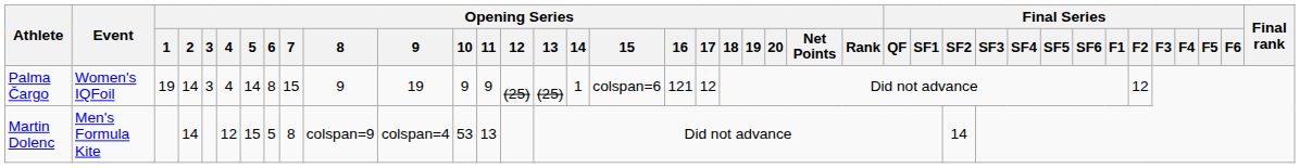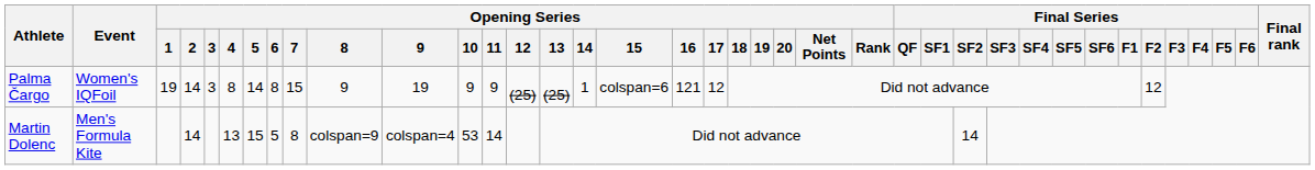 <table class="wikitable" style="font-size:90%">
 <tr>
 <th rowspan="2">Athlete</th>
 <th rowspan="2">Event</th>
 <th colspan=22>Opening Series</th>
 <th colspan=13>Final Series</th>
 <th rowspan=2>Final rank</th>
 </tr>
 <tr style="font-size:95%">
 <th>1</th>
 <th>2</th>
 <th>3</th>
 <th>4</th>
 <th>5</th>
 <th>6</th>
 <th>7</th>
 <th>8</th>
 <th>9</th>
 <th>10</th>
 <th>11</th>
 <th>12</th>
 <th>13</th>
 <th>14</th>
 <th>15</th>
 <th>16</th>
 <th>17</th>
 <th>18</th>
 <th>19</th>
 <th>20</th>
 <th>Net Points</th>
 <th>Rank</th>
 <th>QF</th>
 <th>SF1</th>
 <th>SF2</th>
 <th>SF3</th>
 <th>SF4</th>
 <th>SF5</th>
 <th>SF6</th>
 <th>F1</th>
 <th>F2</th>
 <th>F3</th>
 <th>F4</th>
 <th>F5</th>
 <th>F6</th>
 </tr>
 <tr align=center>
 <td align=left><a href='#'>Palma Čargo</a></td>
 <td align=left><a href='#'>Women's IQFoil</a></td>
 <td>19</td>
 <td>14</td>
 <td>3</td>
-<td>4</td>
+<td>8</td>
 <td>14</td>
 <td>8</td>
 <td>15</td>
 <td>9</td>
 <td>19</td>
 <td>9</td>
 <td>9</td>
 <td><s><br>(25)</s></td>
 <td><s><br>(25)</s></td>
 <td>1</td>
 <td>colspan=6 </td>
 <td>121</td>
 <td>12</td>
 <td colspan=13>Did not advance</td>
 <td>12</td>
 </tr>
 <tr align=center>
 <td align=left><a href='#'>Martin Dolenc</a></td>
 <td align=left><a href='#'>Men's Formula Kite</a></td>
 <td></td>
 <td>14</td>
 <td></td>
-<td>12</td>
+<td>13</td>
 <td>15</td>
 <td>5</td>
 <td>8</td>
 <td>colspan=9 </td>
 <td>colspan=4 </td>
 <td>53</td>
-<td>13</td>
+<td>14</td>
 <td></td>
 <td colspan=12>Did not advance</td>
 <td>14</td>
 </tr>
 </table>
